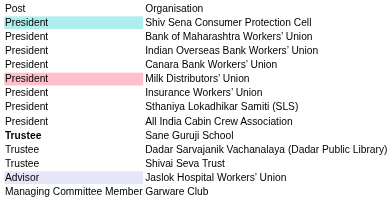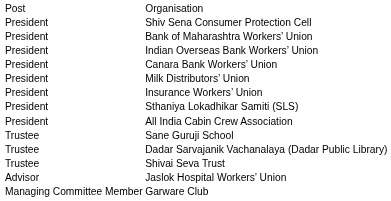 <table>
 <tr>
 <td>Post</td>
 <td>Organisation</td>
 </tr>
 <tr>
-<td style="background: paleturquoise;">President</td>
+<td>President</td>
 <td>Shiv Sena Consumer Protection Cell</td>
 </tr>
 <tr>
 <td>President</td>
 <td>Bank of Maharashtra Workers’ Union</td>
 </tr>
 <tr>
 <td>President</td>
 <td>Indian Overseas Bank Workers’ Union</td>
 </tr>
 <tr>
 <td>President</td>
 <td>Canara Bank Workers’ Union</td>
 </tr>
 <tr>
-<td style="background: pink;">President</td>
+<td>President</td>
 <td>Milk Distributors’ Union</td>
 </tr>
 <tr>
 <td>President</td>
 <td>Insurance Workers’ Union</td>
 </tr>
 <tr>
 <td>President</td>
 <td>Sthaniya Lokadhikar Samiti (SLS)</td>
 </tr>
 <tr>
 <td>President</td>
 <td>All India Cabin Crew Association</td>
 </tr>
 <tr>
-<td><strong>Trustee</strong></td>
+<td>Trustee</td>
 <td>Sane Guruji School</td>
 </tr>
 <tr>
 <td>Trustee</td>
 <td>Dadar Sarvajanik Vachanalaya (Dadar Public Library)</td>
 </tr>
 <tr>
 <td>Trustee</td>
 <td>Shivai Seva Trust</td>
 </tr>
 <tr>
-<td style="background: lavender;">Advisor</td>
+<td>Advisor</td>
 <td>Jaslok Hospital Workers’ Union</td>
 </tr>
 <tr>
 <td>Managing Committee Member</td>
 <td>Garware Club</td>
 </tr>
 </table>
